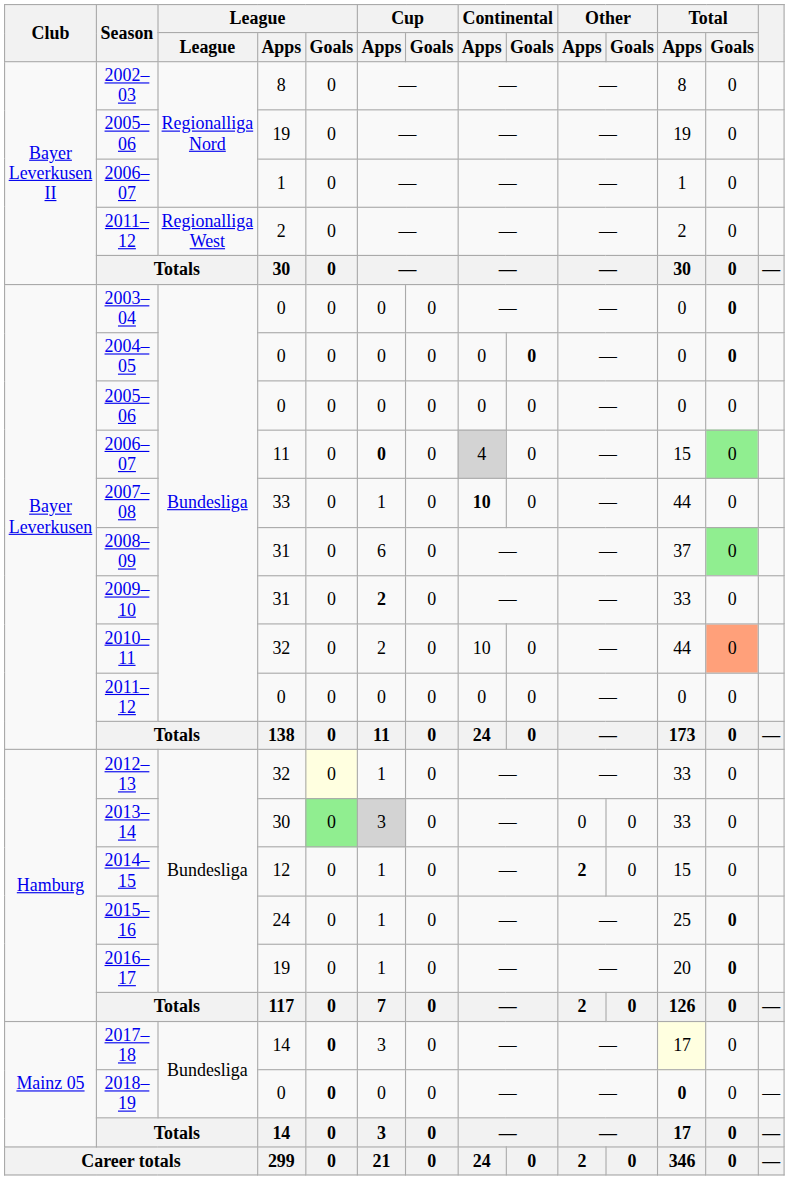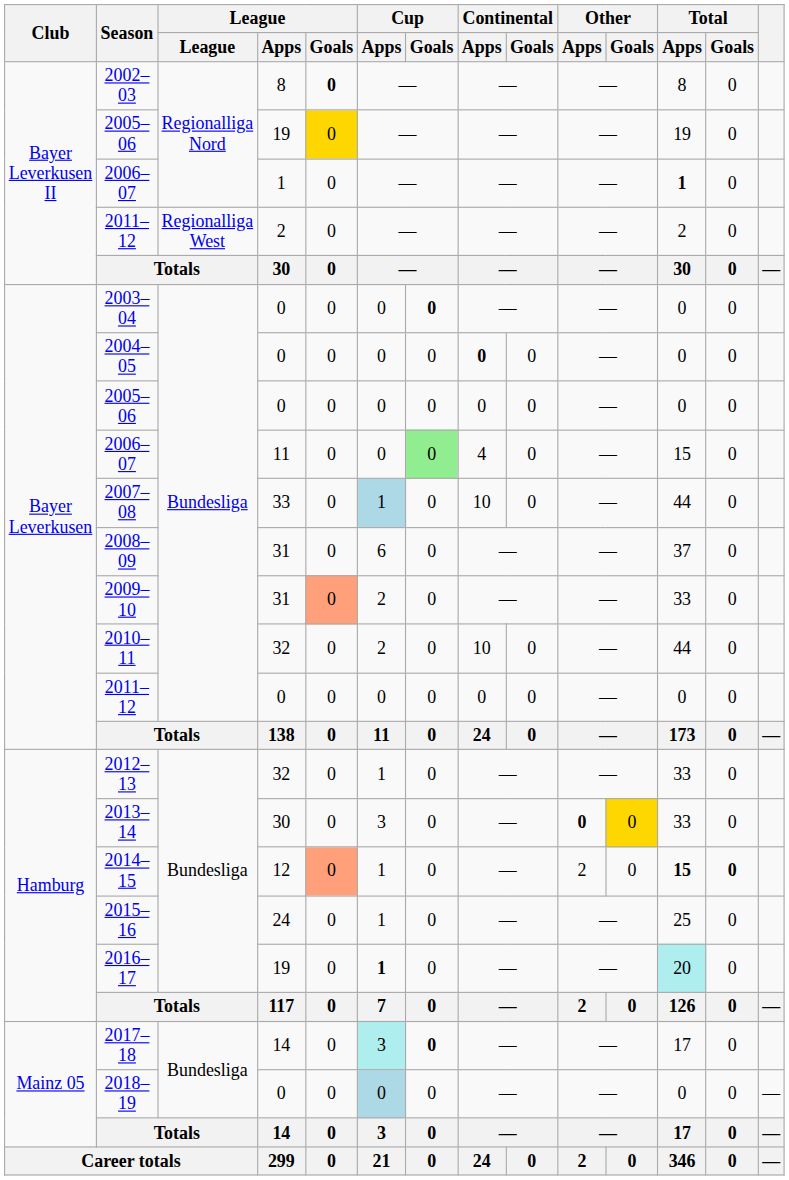 <table class="wikitable" Style="text-align: center">
 <tr>
 <th rowspan="2">Club</th>
 <th rowspan="2">Season</th>
 <th colspan="3">League</th>
 <th colspan="2">Cup</th>
 <th colspan="2">Continental</th>
 <th colspan="2">Other</th>
 <th colspan="2">Total</th>
 <th rowspan="2"></th>
 </tr>
 <tr>
 <th>League</th>
 <th>Apps</th>
 <th>Goals</th>
 <th>Apps</th>
 <th>Goals</th>
 <th>Apps</th>
 <th>Goals</th>
 <th>Apps</th>
 <th>Goals</th>
 <th>Apps</th>
 <th>Goals</th>
 </tr>
 <tr>
 <td rowspan="5"><a href='#'>Bayer Leverkusen II</a></td>
 <td><a href='#'>2002–03</a></td>
 <td rowspan="3"><a href='#'>Regionalliga Nord</a></td>
 <td>8</td>
-<td>0</td>
+<td><strong>0</strong></td>
 <td colspan="2">—</td>
 <td colspan="2">—</td>
 <td colspan="2">—</td>
 <td>8</td>
 <td>0</td>
 <td></td>
 </tr>
 <tr>
 <td><a href='#'>2005–06</a></td>
 <td>19</td>
-<td>0</td>
+<td style="background: gold;">0</td>
 <td colspan="2">—</td>
 <td colspan="2">—</td>
 <td colspan="2">—</td>
 <td>19</td>
 <td>0</td>
 <td></td>
 </tr>
 <tr>
 <td><a href='#'>2006–07</a></td>
 <td>1</td>
 <td>0</td>
 <td colspan="2">—</td>
 <td colspan="2">—</td>
 <td colspan="2">—</td>
-<td>1</td>
+<td><strong>1</strong></td>
 <td>0</td>
 <td></td>
 </tr>
 <tr>
 <td><a href='#'>2011–12</a></td>
 <td><a href='#'>Regionalliga West</a></td>
 <td>2</td>
 <td>0</td>
 <td colspan="2">—</td>
 <td colspan="2">—</td>
 <td colspan="2">—</td>
 <td>2</td>
 <td>0</td>
 <td></td>
 </tr>
 <tr>
 <th colspan="2">Totals</th>
 <th>30</th>
 <th>0</th>
 <th colspan="2">—</th>
 <th colspan="2">—</th>
 <th colspan="2">—</th>
 <th>30</th>
 <th>0</th>
 <th>—</th>
 </tr>
 <tr>
 <td rowspan="10"><a href='#'>Bayer Leverkusen</a></td>
 <td><a href='#'>2003–04</a></td>
 <td rowspan="9"><a href='#'>Bundesliga</a></td>
 <td>0</td>
 <td>0</td>
 <td>0</td>
-<td>0</td>
+<td><strong>0</strong></td>
 <td colspan="2">—</td>
 <td colspan="2">—</td>
 <td>0</td>
-<td><strong>0</strong></td>
+<td>0</td>
 <td></td>
 </tr>
 <tr>
 <td><a href='#'>2004–05</a></td>
 <td>0</td>
 <td>0</td>
 <td>0</td>
 <td>0</td>
+<td><strong>0</strong></td>
 <td>0</td>
-<td><strong>0</strong></td>
 <td colspan="2">—</td>
 <td>0</td>
-<td><strong>0</strong></td>
+<td>0</td>
 <td></td>
 </tr>
 <tr>
 <td><a href='#'>2005–06</a></td>
 <td>0</td>
 <td>0</td>
 <td>0</td>
 <td>0</td>
 <td>0</td>
 <td>0</td>
 <td colspan="2">—</td>
 <td>0</td>
 <td>0</td>
 <td></td>
 </tr>
 <tr>
 <td><a href='#'>2006–07</a></td>
 <td>11</td>
 <td>0</td>
-<td><strong>0</strong></td>
 <td>0</td>
-<td style="background: lightgrey;">4</td>
+<td style="background: lightgreen;">0</td>
+<td>4</td>
 <td>0</td>
 <td colspan="2">—</td>
 <td>15</td>
-<td style="background: lightgreen;">0</td>
+<td>0</td>
 <td></td>
 </tr>
 <tr>
 <td><a href='#'>2007–08</a></td>
 <td>33</td>
 <td>0</td>
-<td>1</td>
+<td style="background: lightblue;">1</td>
 <td>0</td>
-<td><strong>10</strong></td>
+<td>10</td>
 <td>0</td>
 <td colspan="2">—</td>
 <td>44</td>
 <td>0</td>
 <td></td>
 </tr>
 <tr>
 <td><a href='#'>2008–09</a></td>
 <td>31</td>
 <td>0</td>
 <td>6</td>
 <td>0</td>
 <td colspan="2">—</td>
 <td colspan="2">—</td>
 <td>37</td>
-<td style="background: lightgreen;">0</td>
+<td>0</td>
 <td></td>
 </tr>
 <tr>
 <td><a href='#'>2009–10</a></td>
 <td>31</td>
-<td>0</td>
-<td><strong>2</strong></td>
+<td style="background: lightsalmon;">0</td>
+<td>2</td>
 <td>0</td>
 <td colspan="2">—</td>
 <td colspan="2">—</td>
 <td>33</td>
 <td>0</td>
 <td></td>
 </tr>
 <tr>
 <td><a href='#'>2010–11</a></td>
 <td>32</td>
 <td>0</td>
 <td>2</td>
 <td>0</td>
 <td>10</td>
 <td>0</td>
 <td colspan="2">—</td>
 <td>44</td>
-<td style="background: lightsalmon;">0</td>
+<td>0</td>
 <td></td>
 </tr>
 <tr>
 <td><a href='#'>2011–12</a></td>
 <td>0</td>
 <td>0</td>
 <td>0</td>
 <td>0</td>
 <td>0</td>
 <td>0</td>
 <td colspan="2">—</td>
 <td>0</td>
 <td>0</td>
 <td></td>
 </tr>
 <tr>
 <th colspan="2">Totals</th>
 <th>138</th>
 <th>0</th>
 <th>11</th>
 <th>0</th>
 <th>24</th>
 <th>0</th>
 <th colspan="2">—</th>
 <th>173</th>
 <th>0</th>
 <th>—</th>
 </tr>
 <tr>
 <td rowspan="6"><a href='#'>Hamburg</a></td>
 <td><a href='#'>2012–13</a></td>
 <td rowspan="5">Bundesliga</td>
 <td>32</td>
-<td style="background: lightyellow;">0</td>
+<td>0</td>
 <td>1</td>
 <td>0</td>
 <td colspan="2">—</td>
 <td colspan="2">—</td>
 <td>33</td>
 <td>0</td>
 <td></td>
 </tr>
 <tr>
 <td><a href='#'>2013–14</a></td>
 <td>30</td>
-<td style="background: lightgreen;">0</td>
-<td style="background: lightgrey;">3</td>
+<td>0</td>
+<td>3</td>
 <td>0</td>
 <td colspan="2">—</td>
-<td>0</td>
-<td>0</td>
+<td><strong>0</strong></td>
+<td style="background: gold;">0</td>
 <td>33</td>
 <td>0</td>
 <td></td>
 </tr>
 <tr>
 <td><a href='#'>2014–15</a></td>
 <td>12</td>
-<td>0</td>
+<td style="background: lightsalmon;">0</td>
 <td>1</td>
 <td>0</td>
 <td colspan="2">—</td>
-<td><strong>2</strong></td>
+<td>2</td>
 <td>0</td>
-<td>15</td>
-<td>0</td>
+<td><strong>15</strong></td>
+<td><strong>0</strong></td>
 <td></td>
 </tr>
 <tr>
 <td><a href='#'>2015–16</a></td>
 <td>24</td>
 <td>0</td>
 <td>1</td>
 <td>0</td>
 <td colspan="2">—</td>
 <td colspan="2">—</td>
 <td>25</td>
-<td><strong>0</strong></td>
+<td>0</td>
 <td></td>
 </tr>
 <tr>
 <td><a href='#'>2016–17</a></td>
 <td>19</td>
 <td>0</td>
-<td>1</td>
+<td><strong>1</strong></td>
 <td>0</td>
 <td colspan="2">—</td>
 <td colspan="2">—</td>
-<td>20</td>
-<td><strong>0</strong></td>
+<td style="background: paleturquoise;">20</td>
+<td>0</td>
 <td></td>
 </tr>
 <tr>
 <th colspan="2">Totals</th>
 <th>117</th>
 <th>0</th>
 <th>7</th>
 <th>0</th>
 <th colspan="2">—</th>
 <th>2</th>
 <th>0</th>
 <th>126</th>
 <th>0</th>
 <th>—</th>
 </tr>
 <tr>
 <td rowspan="3"><a href='#'>Mainz 05</a></td>
 <td><a href='#'>2017–18</a></td>
 <td rowspan="2">Bundesliga</td>
 <td>14</td>
+<td>0</td>
+<td style="background: paleturquoise;">3</td>
 <td><strong>0</strong></td>
-<td>3</td>
-<td>0</td>
 <td rowspan="1" colspan="2">—</td>
 <td colspan="2">—</td>
-<td style="background: lightyellow;">17</td>
+<td>17</td>
 <td>0</td>
 <td></td>
 </tr>
 <tr>
 <td><a href='#'>2018–19</a></td>
 <td>0</td>
-<td><strong>0</strong></td>
 <td>0</td>
+<td style="background: lightblue;">0</td>
 <td>0</td>
 <td colspan="2">—</td>
 <td colspan="2">—</td>
-<td><strong>0</strong></td>
+<td>0</td>
 <td>0</td>
 <td>—</td>
 </tr>
 <tr>
 <th colspan="2">Totals</th>
 <th>14</th>
 <th>0</th>
 <th>3</th>
 <th>0</th>
 <th colspan="2">—</th>
 <th colspan="2">—</th>
 <th>17</th>
 <th>0</th>
 <th>—</th>
 </tr>
 <tr>
 <th colspan="3">Career totals</th>
 <th>299</th>
 <th>0</th>
 <th>21</th>
 <th>0</th>
 <th>24</th>
 <th>0</th>
 <th>2</th>
 <th>0</th>
 <th>346</th>
 <th>0</th>
 <th>—</th>
 </tr>
 </table>
